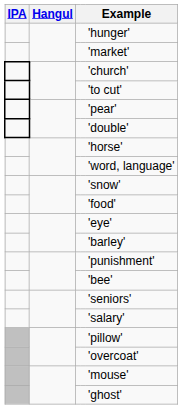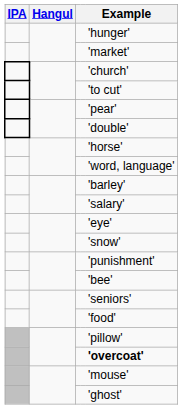 <table class="wikitable">
 <tr>
 <th><a href='#'>IPA</a></th>
 <th><a href='#'>Hangul</a></th>
 <th colspan="3">Example</th>
 </tr>
 <tr>
 <td></td>
 <td rowspan="2"></td>
 <td style="border-right: 0;"> </td>
 <td style="border-left: 0; border-right: 0;"></td>
 <td style="border-left: 0;">'hunger'</td>
 </tr>
 <tr>
 <td></td>
 <td style="border-right: 0;"> </td>
 <td style="border-left: 0; border-right: 0;"></td>
 <td style="border-left: 0;">'market'</td>
 </tr>
 <tr>
 <td style="border: 2px solid black;"></td>
 <td rowspan="2"></td>
 <td style="border-right: 0;"> </td>
 <td style="border-left: 0; border-right: 0;"></td>
 <td style="border-left: 0;">'church'</td>
 </tr>
 <tr>
 <td style="border: 2px solid black;"></td>
 <td style="border-right: 0;"> </td>
 <td style="border-left: 0; border-right: 0;"></td>
 <td style="border-left: 0;">'to cut'</td>
 </tr>
 <tr>
 <td style="border: 2px solid black;"></td>
 <td rowspan="2"></td>
 <td style="border-right: 0;"> </td>
 <td style="border-left: 0; border-right: 0;"></td>
 <td style="border-left: 0;">'pear'</td>
 </tr>
 <tr>
 <td style="border: 2px solid black;"></td>
 <td style="border-right: 0;"> </td>
 <td style="border-left: 0; border-right: 0;"></td>
 <td style="border-left: 0;">'double'</td>
 </tr>
 <tr>
 <td></td>
 <td rowspan="2"></td>
 <td style="border-right: 0;"> </td>
 <td style="border-left: 0; border-right: 0;"></td>
 <td style="border-left: 0;">'horse'</td>
 </tr>
 <tr>
 <td></td>
 <td style="border-right: 0;"> </td>
 <td style="border-left: 0; border-right: 0;"></td>
 <td style="border-left: 0;">'word, language'</td>
 </tr>
 <tr>
 <td></td>
 <td rowspan="2"></td>
 <td style="border-right: 0;"> </td>
 <td style="border-left: 0; border-right: 0;"></td>
-<td style="border-left: 0;">'snow'</td>
+<td style="border-left: 0;">'barley'</td>
 </tr>
 <tr>
 <td></td>
 <td style="border-right: 0;"> </td>
 <td style="border-left: 0; border-right: 0;"></td>
-<td style="border-left: 0;">'food'</td>
+<td style="border-left: 0;">'salary'</td>
 </tr>
 <tr>
 <td></td>
 <td rowspan="2"></td>
 <td style="border-right: 0;"> </td>
 <td style="border-left: 0; border-right: 0;"></td>
 <td style="border-left: 0;">'eye'</td>
 </tr>
 <tr>
 <td></td>
 <td style="border-right: 0;"> </td>
 <td style="border-left: 0; border-right: 0;"></td>
-<td style="border-left: 0;">'barley'</td>
+<td style="border-left: 0;">'snow'</td>
 </tr>
 <tr>
 <td></td>
 <td rowspan="2"></td>
 <td style="border-right: 0;"> </td>
 <td style="border-left: 0; border-right: 0;"></td>
 <td style="border-left: 0;">'punishment'</td>
 </tr>
 <tr>
 <td></td>
 <td style="border-right: 0;"> </td>
 <td style="border-left: 0; border-right: 0;"></td>
 <td style="border-left: 0;">'bee'</td>
 </tr>
 <tr>
 <td></td>
 <td rowspan="2"></td>
 <td style="border-right: 0;"> </td>
 <td style="border-left: 0; border-right: 0;"></td>
 <td style="border-left: 0;">'seniors'</td>
 </tr>
 <tr>
 <td></td>
 <td style="border-right: 0;"> </td>
 <td style="border-left: 0; border-right: 0;"></td>
-<td style="border-left: 0;">'salary'</td>
+<td style="border-left: 0;">'food'</td>
 </tr>
 <tr>
 <td style="background: silver;"> </td>
 <td rowspan="2"></td>
 <td style="border-right: 0;"> </td>
 <td style="border-left: 0; border-right: 0;"></td>
 <td style="border-left: 0;">'pillow'</td>
 </tr>
 <tr>
 <td style="background: silver;"> </td>
 <td style="border-right: 0;"> </td>
 <td style="border-left: 0; border-right: 0;"></td>
-<td style="border-left: 0;">'overcoat'</td>
+<td style="border-left: 0;"><strong>'overcoat'</strong></td>
 </tr>
 <tr>
 <td style="background: silver;"> </td>
 <td rowspan="2"></td>
 <td style="border-right: 0;"> </td>
 <td style="border-left: 0; border-right: 0;"></td>
 <td style="border-left: 0;">'mouse'</td>
 </tr>
 <tr>
 <td style="background: silver;"> </td>
 <td style="border-right: 0;"> </td>
 <td style="border-left: 0; border-right: 0;"></td>
 <td style="border-left: 0;">'ghost'</td>
 </tr>
 </table>
